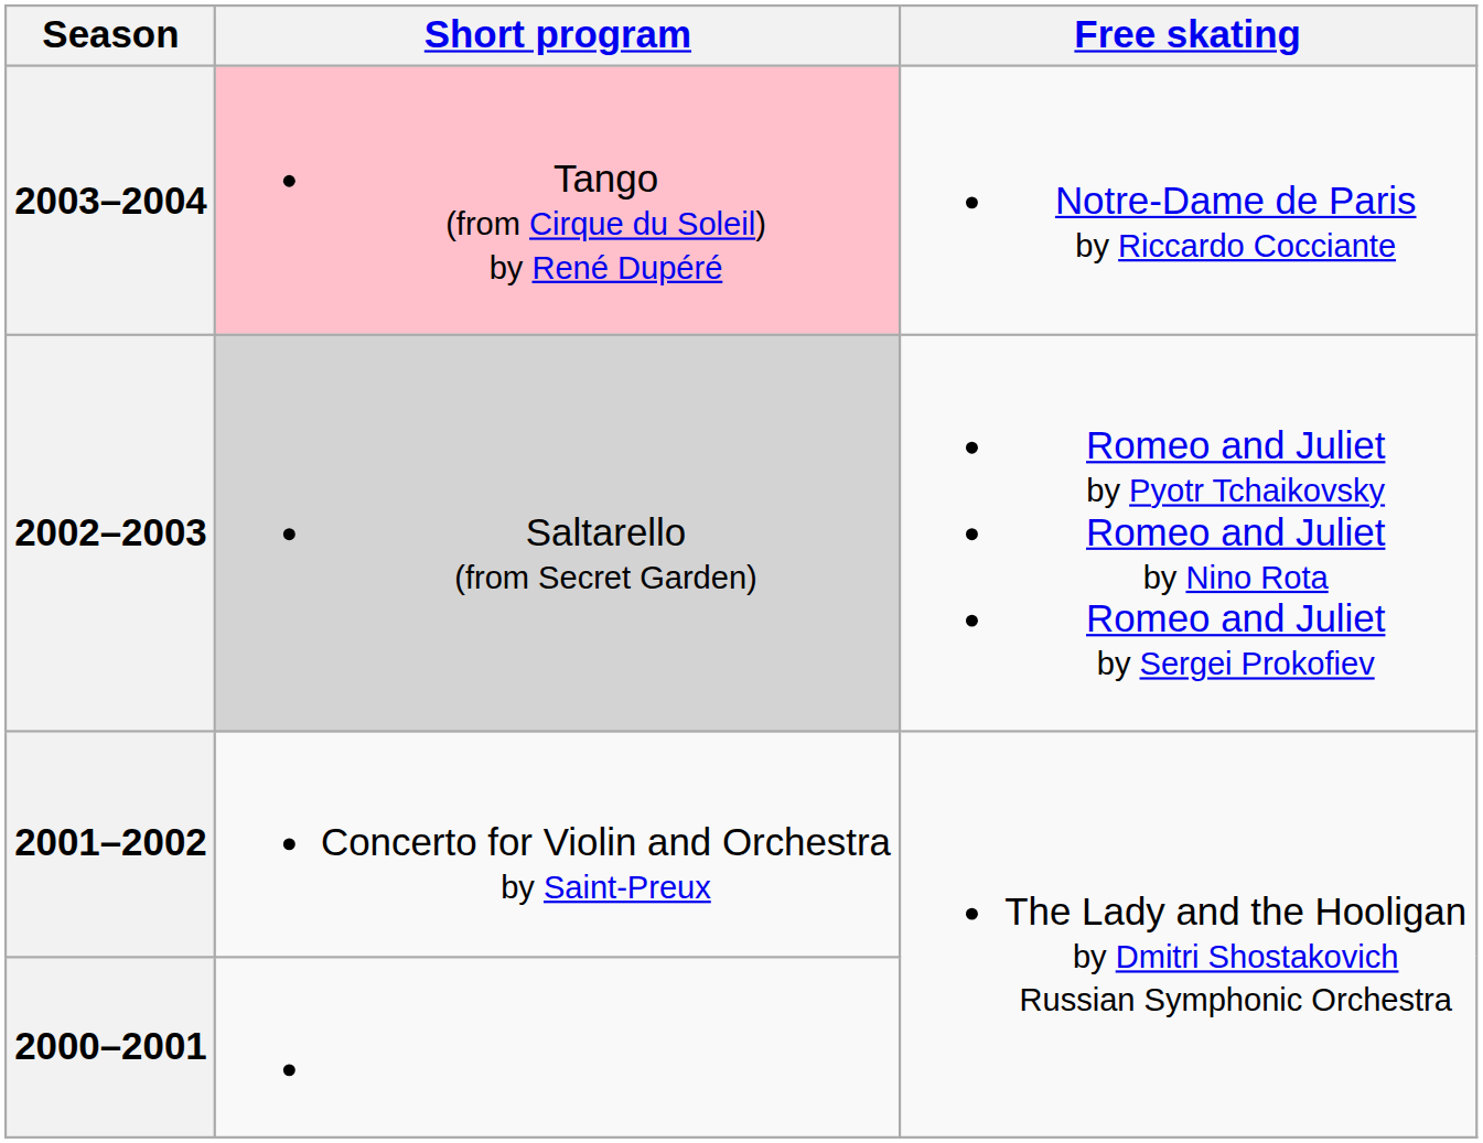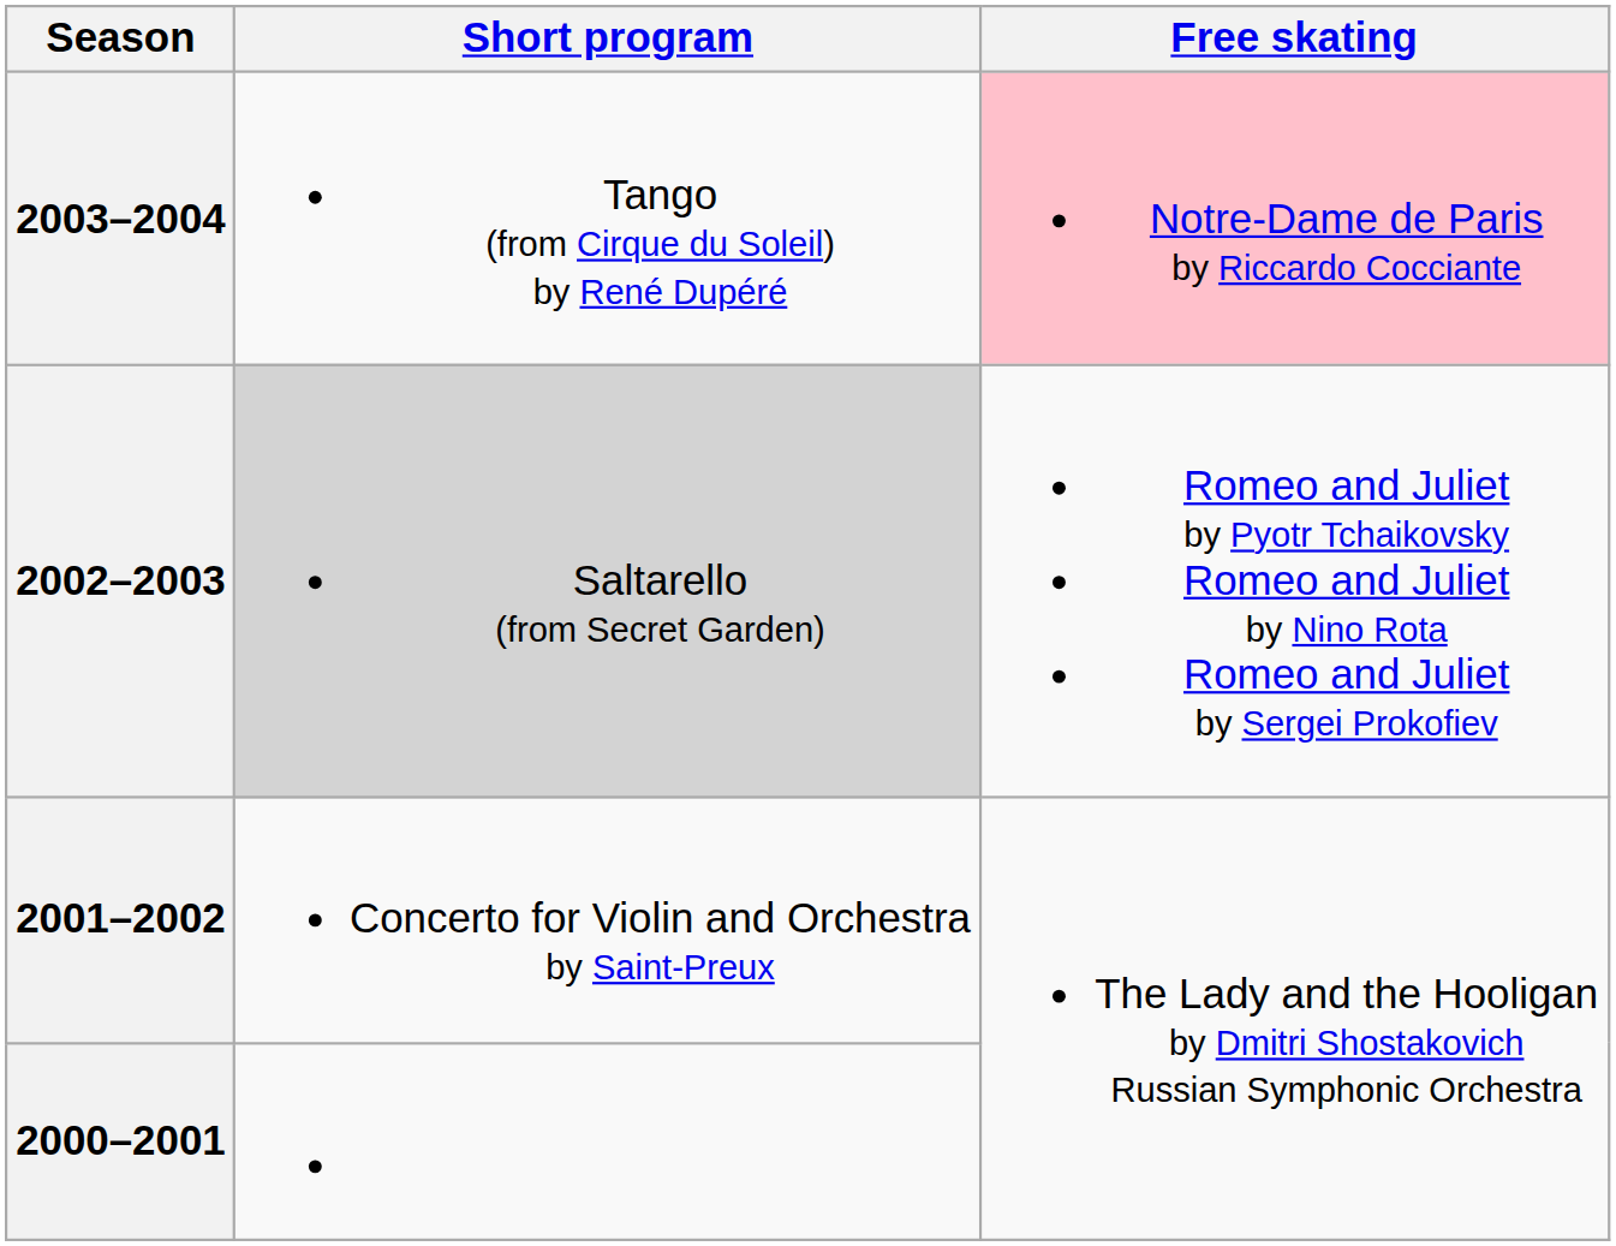 <table class="wikitable" style="text-align:center">
 <tr>
 <th>Season</th>
 <th><a href='#'>Short program</a></th>
 <th><a href='#'>Free skating</a></th>
 </tr>
 <tr>
 <th>2003–2004 <br> </th>
-<td style="background: pink;"><br><ul><li>Tango <br><small> (from <a href='#'>Cirque du Soleil</a>) <br> by <a href='#'>René Dupéré</a> </small></li></ul></td>
-<td><br><ul><li><a href='#'>Notre-Dame de Paris</a> <br><small> by <a href='#'>Riccardo Cocciante</a> </small></li></ul></td>
+<td><br><ul><li>Tango <br><small> (from <a href='#'>Cirque du Soleil</a>) <br> by <a href='#'>René Dupéré</a> </small></li></ul></td>
+<td style="background: pink;"><br><ul><li><a href='#'>Notre-Dame de Paris</a> <br><small> by <a href='#'>Riccardo Cocciante</a> </small></li></ul></td>
 </tr>
 <tr>
 <th>2002–2003 <br> </th>
 <td style="background: lightgrey;"><br><ul><li>Saltarello <br><small> (from Secret Garden) </small></li></ul></td>
 <td><br><ul><li><a href='#'>Romeo and Juliet</a> <br><small> by <a href='#'>Pyotr Tchaikovsky</a> </small></li><li><a href='#'>Romeo and Juliet</a> <br><small> by <a href='#'>Nino Rota</a> </small></li><li><a href='#'>Romeo and Juliet</a> <br><small> by <a href='#'>Sergei Prokofiev</a> </small></li></ul></td>
 </tr>
 <tr>
 <th>2001–2002 <br> </th>
 <td><br><ul><li>Concerto for Violin and Orchestra <br><small> by <a href='#'>Saint-Preux</a> </small></li></ul></td>
 <td rowspan=2><br><ul><li>The Lady and the Hooligan <br><small> by <a href='#'>Dmitri Shostakovich</a> <br> Russian Symphonic Orchestra </small></li></ul></td>
 </tr>
 <tr>
 <th>2000–2001</th>
 <td><br><ul><li></li></ul></td>
 </tr>
 </table>
